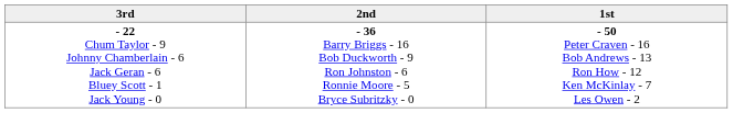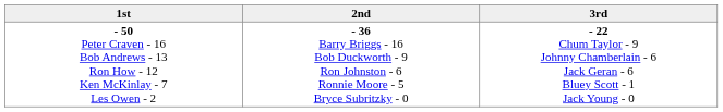 <table border=1 cellpadding=2 cellspacing=0 width=75% style="border-collapse:collapse">
 <tr align=center style="background:#efefef;">
+<th width=20% >1st</th>
+<th width=20% >2nd</th>
 <th width=20% >3rd</th>
-<th width=20% >2nd</th>
-<th width=20% >1st</th>
 </tr>
 <tr align=center>
+<td valign=top ><strong> - 50</strong><br><a href='#'>Peter Craven</a> - 16<br><a href='#'>Bob Andrews</a> - 13<br><a href='#'>Ron How</a> - 12<br><a href='#'>Ken McKinlay</a> - 7<br><a href='#'>Les Owen</a> - 2</td>
+<td valign=top ><strong> - 36</strong><br><a href='#'>Barry Briggs</a> - 16<br><a href='#'>Bob Duckworth</a> - 9<br><a href='#'>Ron Johnston</a> - 6<br><a href='#'>Ronnie Moore</a> - 5<br><a href='#'>Bryce Subritzky</a> - 0</td>
 <td valign=top ><strong> - 22</strong><br><a href='#'>Chum Taylor</a> - 9<br><a href='#'>Johnny Chamberlain</a> - 6<br><a href='#'>Jack Geran</a> - 6<br><a href='#'>Bluey Scott</a> - 1<br><a href='#'>Jack Young</a> - 0</td>
-<td valign=top ><strong> - 36</strong><br><a href='#'>Barry Briggs</a> - 16<br><a href='#'>Bob Duckworth</a> - 9<br><a href='#'>Ron Johnston</a> - 6<br><a href='#'>Ronnie Moore</a> - 5<br><a href='#'>Bryce Subritzky</a> - 0</td>
-<td valign=top ><strong> - 50</strong><br><a href='#'>Peter Craven</a> - 16<br><a href='#'>Bob Andrews</a> - 13<br><a href='#'>Ron How</a> - 12<br><a href='#'>Ken McKinlay</a> - 7<br><a href='#'>Les Owen</a> - 2</td>
 </tr>
 </table>
